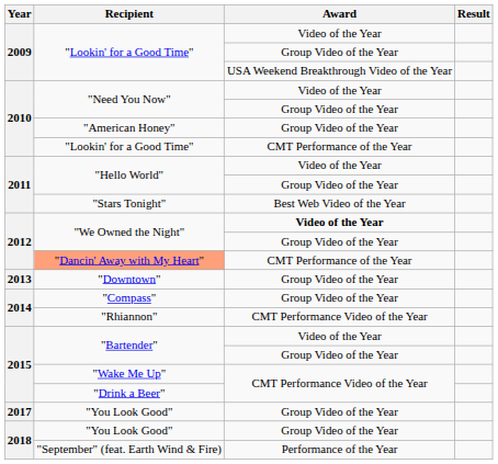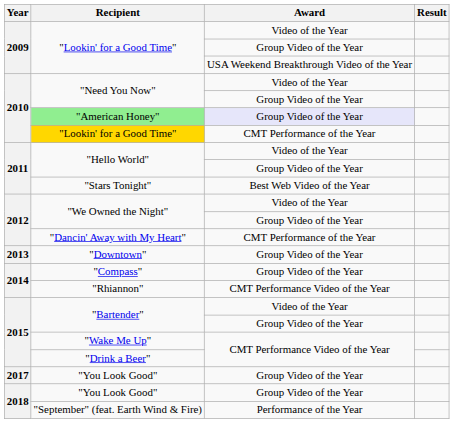 <table class="wikitable" style="text-align:center">
 <tr>
 <th>Year</th>
 <th>Recipient</th>
 <th>Award</th>
 <th>Result</th>
 </tr>
 <tr>
 <th rowspan="3">2009</th>
 <td rowspan="3">"<a href='#'>Lookin' for a Good Time</a>"</td>
 <td>Video of the Year</td>
 <td></td>
 </tr>
 <tr>
 <td>Group Video of the Year</td>
 <td></td>
 </tr>
 <tr>
 <td>USA Weekend Breakthrough Video of the Year</td>
 <td></td>
 </tr>
 <tr>
 <th rowspan="4">2010</th>
 <td rowspan="2">"Need You Now"</td>
 <td>Video of the Year</td>
 <td></td>
 </tr>
 <tr>
 <td>Group Video of the Year </td>
 <td></td>
 </tr>
 <tr>
-<td>"American Honey"</td>
-<td>Group Video of the Year </td>
+<td style="background: lightgreen;">"American Honey"</td>
+<td style="background: lavender;">Group Video of the Year </td>
 <td></td>
 </tr>
 <tr>
-<td>"Lookin' for a Good Time"</td>
+<td style="background: gold;">"Lookin' for a Good Time"</td>
 <td>CMT Performance of the Year </td>
 <td></td>
 </tr>
 <tr>
 <th rowspan="3">2011</th>
 <td rowspan="2">"Hello World"</td>
 <td>Video of the Year </td>
 <td></td>
 </tr>
 <tr>
 <td>Group Video of the Year</td>
 <td></td>
 </tr>
 <tr>
 <td>"Stars Tonight"</td>
 <td>Best Web Video of the Year</td>
 <td></td>
 </tr>
 <tr>
 <th rowspan="3">2012</th>
 <td rowspan="2">"We Owned the Night"</td>
-<td><strong>Video of the Year</strong></td>
+<td>Video of the Year</td>
 <td></td>
 </tr>
 <tr>
 <td>Group Video of the Year</td>
 <td></td>
 </tr>
 <tr>
-<td style="background: lightsalmon;">"<a href='#'>Dancin' Away with My Heart</a>"</td>
+<td>"<a href='#'>Dancin' Away with My Heart</a>"</td>
 <td>CMT Performance of the Year</td>
 <td></td>
 </tr>
 <tr>
 <th>2013</th>
 <td>"<a href='#'>Downtown</a>"</td>
 <td>Group Video of the Year</td>
 <td></td>
 </tr>
 <tr>
 <th rowspan="2">2014</th>
 <td>"<a href='#'>Compass</a>"</td>
 <td>Group Video of the Year</td>
 <td></td>
 </tr>
 <tr>
 <td>"Rhiannon" <br></td>
 <td>CMT Performance Video of the Year</td>
 <td></td>
 </tr>
 <tr>
 <th rowspan="4">2015</th>
 <td rowspan="2">"<a href='#'>Bartender</a>"</td>
 <td>Video of the Year</td>
 <td></td>
 </tr>
 <tr>
 <td>Group Video of the Year</td>
 <td></td>
 </tr>
 <tr>
 <td>"<a href='#'>Wake Me Up</a>" <br></td>
 <td rowspan="2">CMT Performance Video of the Year</td>
 <td></td>
 </tr>
 <tr>
 <td>"<a href='#'>Drink a Beer</a>" <br></td>
 <td></td>
 </tr>
 <tr>
 <th>2017</th>
 <td>"You Look Good"</td>
 <td>Group Video of the Year</td>
 <td></td>
 </tr>
 <tr>
 <th rowspan="2">2018</th>
 <td>"You Look Good"</td>
 <td>Group Video of the Year</td>
 <td></td>
 </tr>
 <tr>
 <td>"September" (feat. Earth Wind & Fire)</td>
 <td>Performance of the Year</td>
 <td></td>
 </tr>
 </table>
